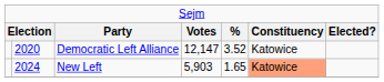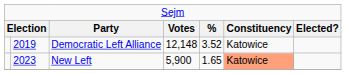 <table class = 'wikitable'>
 <tr>
 <td colspan="7" style="text-align:center;"><a href='#'>Sejm</a></td>
 </tr>
 <tr>
 <th colspan="2">Election</th>
 <th>Party</th>
 <th>Votes</th>
 <th>%</th>
 <th>Constituency</th>
 <th>Elected?</th>
 </tr>
 <tr>
 <td style="background-color: "></td>
-<td><a href='#'>2020</a></td>
+<td><a href='#'>2019</a></td>
 <td><a href='#'>Democratic Left Alliance</a></td>
-<td>12,147</td>
+<td>12,148</td>
 <td>3.52</td>
 <td>Katowice</td>
 <td></td>
 </tr>
 <tr>
 <td style="background-color: "></td>
-<td><a href='#'>2024</a></td>
+<td><a href='#'>2023</a></td>
 <td><a href='#'>New Left</a></td>
-<td>5,903</td>
+<td>5,900</td>
 <td>1.65</td>
 <td style="background: lightsalmon;">Katowice</td>
 <td></td>
 </tr>
 <tr>
 </tr>
 </table>
